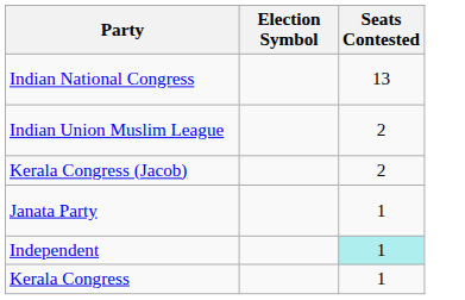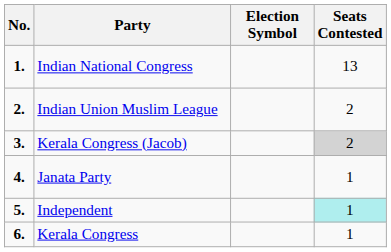 <table class="wikitable">
 <tr>
+<th scope="col" style="width:4px;">No.</th>
 <th scope="col" style="width:200px;">Party</th>
 <th scope="col" style="width:80px;">Election Symbol</th>
 <th scope="col" style="width:60px;">Seats Contested</th>
 </tr>
 <tr style="height: 45px;">
+<td style="text-align:center; background:"><strong>1.</strong></td>
 <td><a href='#'>Indian National Congress</a></td>
 <td style="text-align:center;"></td>
 <td style="text-align:center;">13</td>
 </tr>
 <tr style="height: 45px;">
+<td style="text-align:center; background:"><strong>2.</strong></td>
 <td><a href='#'>Indian Union Muslim League</a></td>
 <td style="text-align:center;"></td>
 <td style="text-align:center;">2</td>
 </tr>
 <tr>
+<td style="text-align:center; background:"><strong>3.</strong></td>
 <td><a href='#'>Kerala Congress (Jacob)</a></td>
 <td style="text-align:center;"></td>
-<td style="text-align:center;">2</td>
+<td style="background: lightgrey; text-align:center;">2</td>
 </tr>
 <tr style="height: 45px;">
+<td style="text-align:center; background:"><strong>4.</strong></td>
 <td><a href='#'>Janata Party</a></td>
 <td style="text-align:center;"></td>
 <td style="text-align:center;">1</td>
 </tr>
 <tr>
+<td style="text-align:center; background:"><strong>5.</strong></td>
 <td><a href='#'>Independent</a></td>
 <td style="text-align:center;"></td>
 <td style="background: paleturquoise; text-align:center;">1</td>
 </tr>
 <tr>
+<td style="text-align:center; background:"><strong>6.</strong></td>
 <td><a href='#'>Kerala Congress</a></td>
 <td style="text-align:center;"></td>
 <td style="text-align:center;">1</td>
 </tr>
 </table>
